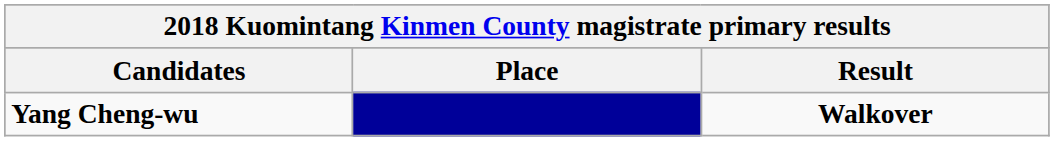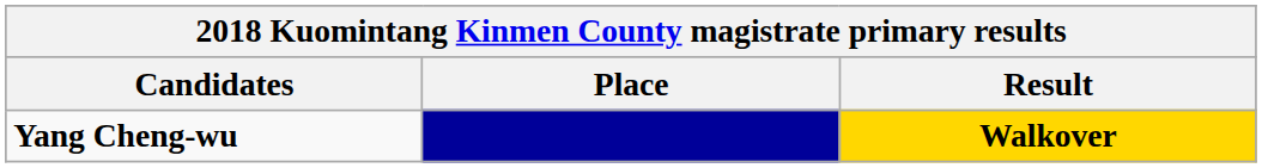 <table class="wikitable collapsible">
 <tr>
 <th colspan="6" width=600>2018 Kuomintang <a href='#'>Kinmen County</a> magistrate primary results</th>
 </tr>
 <tr>
 <th width=80>Candidates</th>
 <th width=80>Place</th>
 <th width=80>Result</th>
 </tr>
 <tr>
 <td><strong>Yang Cheng-wu</strong></td>
 <td style="background: #000099; text-align:center"><strong></strong></td>
-<td style="text-align:center"><strong>Walkover</strong></td>
+<td style="background: gold; text-align:center"><strong>Walkover</strong></td>
 </tr>
 </table>
